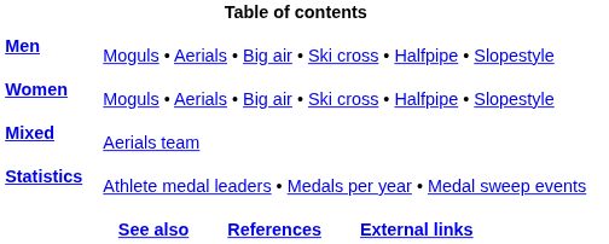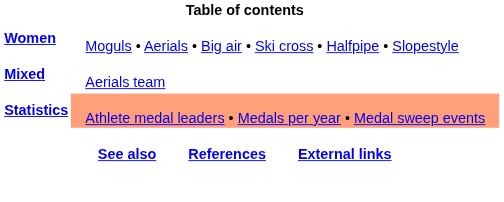 <table class="toc">
 <tr>
 <th colspan="2">Table of contents</th>
-</tr>
-<tr>
-<td width="50px" style="padding-left:1em;"><strong><a href='#'>Men</a></strong></td>
-<td style="padding-left:1em; padding-right:1em;"><br><a href='#'>Moguls</a> • <a href='#'>Aerials</a> • <a href='#'>Big air</a> • <a href='#'>Ski cross</a> • <a href='#'>Halfpipe</a> • <a href='#'>Slopestyle</a></td>
 </tr>
 <tr>
 <td style="padding-left:1em;"><strong><a href='#'>Women</a></strong></td>
 <td style="padding-left:1em; padding-right:1em;"><br><a href='#'>Moguls</a> • <a href='#'>Aerials</a> • <a href='#'>Big air</a> • <a href='#'>Ski cross</a> • <a href='#'>Halfpipe</a> • <a href='#'>Slopestyle</a></td>
 </tr>
 <tr>
 <td style="padding-left:1em;"><strong><a href='#'>Mixed</a></strong></td>
 <td style="padding-left:1em; padding-right:1em;"><br><a href='#'>Aerials team</a></td>
 </tr>
 <tr>
 <td style="padding-left:1em;"><strong><a href='#'>Statistics</a></strong></td>
-<td style="padding-left:1em; padding-right:1em;"><br><a href='#'>Athlete medal leaders</a> • <a href='#'>Medals per year</a> • <a href='#'>Medal sweep events</a></td>
+<td style="background: lightsalmon; padding-left:1em; padding-right:1em;"><br><a href='#'>Athlete medal leaders</a> • <a href='#'>Medals per year</a> • <a href='#'>Medal sweep events</a></td>
 </tr>
 <tr>
 <td colspan="2" align="center"><br><strong><a href='#'>See also</a></strong>        <strong><a href='#'>References</a></strong>        <strong><a href='#'>External links</a></strong></td>
 </tr>
 </table>
